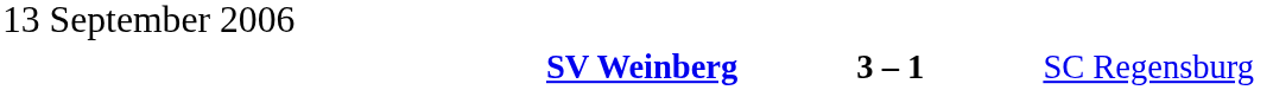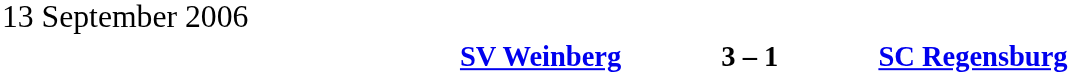 <table width=100% cellspacing=1>
 <tr>
 <th width=25%></th>
 <th width=10%></th>
 <th width=25%></th>
 </tr>
 <tr>
 <td>13 September 2006</td>
 </tr>
 <tr style=font-size:90%>
 <td align=right><strong><a href='#'>SV Weinberg</a></strong></td>
 <td align=center><strong>3 – 1</strong></td>
-<td><a href='#'>SC Regensburg</a></td>
+<td><strong><a href='#'>SC Regensburg</a></strong></td>
 <td></td>
 </tr>
 </table>
